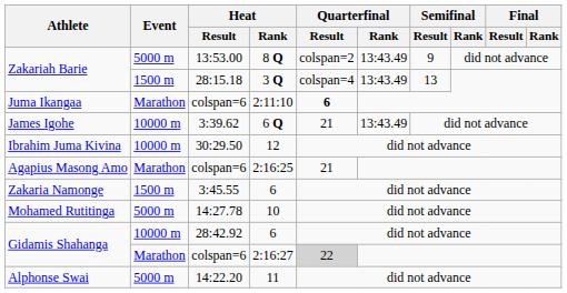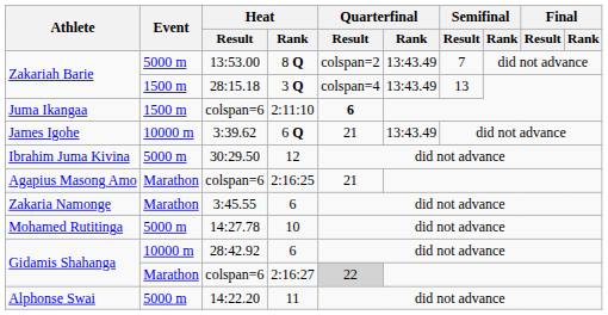 <table class="wikitable" style="font-size:90%">
 <tr>
 <th rowspan="2">Athlete</th>
 <th rowspan="2">Event</th>
 <th colspan="2">Heat</th>
 <th colspan="2">Quarterfinal</th>
 <th colspan="2">Semifinal</th>
 <th colspan="2">Final</th>
 </tr>
 <tr style="font-size:95%">
 <th>Result</th>
 <th>Rank</th>
 <th>Result</th>
 <th>Rank</th>
 <th>Result</th>
 <th>Rank</th>
 <th>Result</th>
 <th>Rank</th>
 </tr>
 <tr align=center>
 <td align=left rowspan=2><a href='#'>Zakariah Barie</a></td>
 <td align=left><a href='#'>5000 m</a></td>
 <td>13:53.00</td>
 <td>8 <strong>Q</strong></td>
 <td>colspan=2 </td>
 <td>13:43.49</td>
-<td>9</td>
+<td>7</td>
 <td colspan=4>did not advance</td>
 </tr>
 <tr align=center>
 <td align=left><a href='#'>1500 m</a></td>
 <td>28:15.18</td>
 <td>3 <strong>Q</strong></td>
 <td>colspan=4 </td>
 <td>13:43.49</td>
 <td>13</td>
 </tr>
 <tr align=center>
 <td align=left><a href='#'>Juma Ikangaa</a></td>
-<td align=left><a href='#'>Marathon</a></td>
+<td align=left><a href='#'>1500 m</a></td>
 <td>colspan=6 </td>
 <td>2:11:10</td>
 <td><strong>6</strong></td>
 </tr>
 <tr align=center>
 <td align=left><a href='#'>James Igohe</a></td>
 <td align=left><a href='#'>10000 m</a></td>
 <td>3:39.62</td>
 <td>6 <strong>Q</strong></td>
 <td>21</td>
 <td>13:43.49</td>
 <td colspan=4>did not advance</td>
 </tr>
 <tr align=center>
 <td align=left><a href='#'>Ibrahim Juma Kivina</a></td>
-<td align=left><a href='#'>10000 m</a></td>
+<td align=left><a href='#'>5000 m</a></td>
 <td>30:29.50</td>
 <td>12</td>
 <td colspan=6>did not advance</td>
 </tr>
 <tr align=center>
 <td align=left><a href='#'>Agapius Masong Amo</a></td>
 <td align=left><a href='#'>Marathon</a></td>
 <td>colspan=6 </td>
 <td>2:16:25</td>
 <td>21</td>
 </tr>
 <tr align=center>
 <td align=left><a href='#'>Zakaria Namonge</a></td>
-<td align=left><a href='#'>1500 m</a></td>
+<td align=left><a href='#'>Marathon</a></td>
 <td>3:45.55</td>
 <td>6</td>
 <td colspan=6>did not advance</td>
 </tr>
 <tr align=center>
 <td align=left><a href='#'>Mohamed Rutitinga</a></td>
 <td align=left><a href='#'>5000 m</a></td>
 <td>14:27.78</td>
 <td>10</td>
 <td colspan=6>did not advance</td>
 </tr>
 <tr align=center>
 <td align=left rowspan=2><a href='#'>Gidamis Shahanga</a></td>
 <td align=left><a href='#'>10000 m</a></td>
 <td>28:42.92</td>
 <td>6</td>
 <td colspan=6>did not advance</td>
 </tr>
 <tr align=center>
 <td align=left><a href='#'>Marathon</a></td>
 <td>colspan=6 </td>
 <td>2:16:27</td>
 <td style="background: lightgrey;">22</td>
 </tr>
 <tr align=center>
 <td align=left><a href='#'>Alphonse Swai</a></td>
 <td align=left><a href='#'>5000 m</a></td>
 <td>14:22.20</td>
 <td>11</td>
 <td colspan=6>did not advance</td>
 </tr>
 </table>
